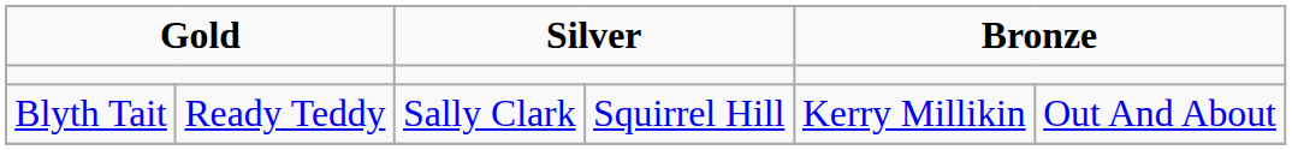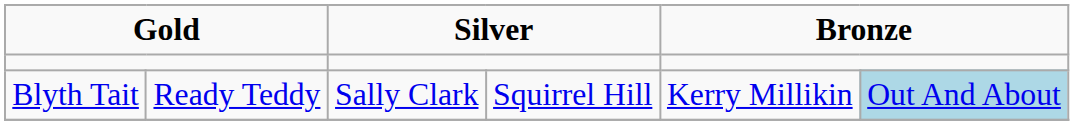 <table class="wikitable">
 <tr align="center">
 <td colspan=2><strong>Gold</strong> </td>
 <td colspan=2><strong>Silver</strong> </td>
 <td colspan=2><strong>Bronze</strong> </td>
 </tr>
 <tr>
 <td colspan=2 align=center></td>
 <td colspan=2 align=center></td>
 <td colspan=2 align=center></td>
 </tr>
 <tr>
 <td><a href='#'>Blyth Tait</a></td>
 <td><a href='#'>Ready Teddy</a></td>
 <td><a href='#'>Sally Clark</a></td>
 <td><a href='#'>Squirrel Hill</a></td>
 <td><a href='#'>Kerry Millikin</a></td>
-<td><a href='#'>Out And About</a></td>
+<td style="background: lightblue;"><a href='#'>Out And About</a></td>
 </tr>
 <tr>
 </tr>
 </table>
